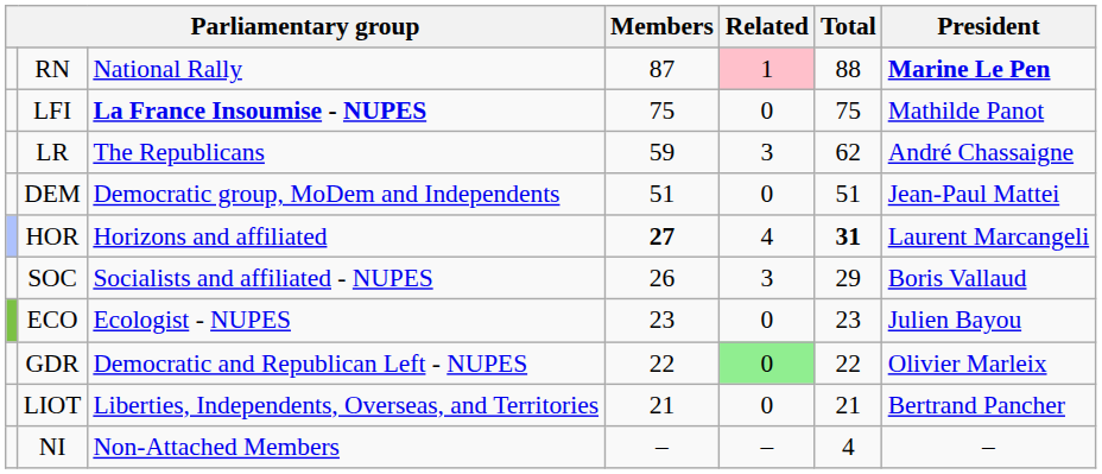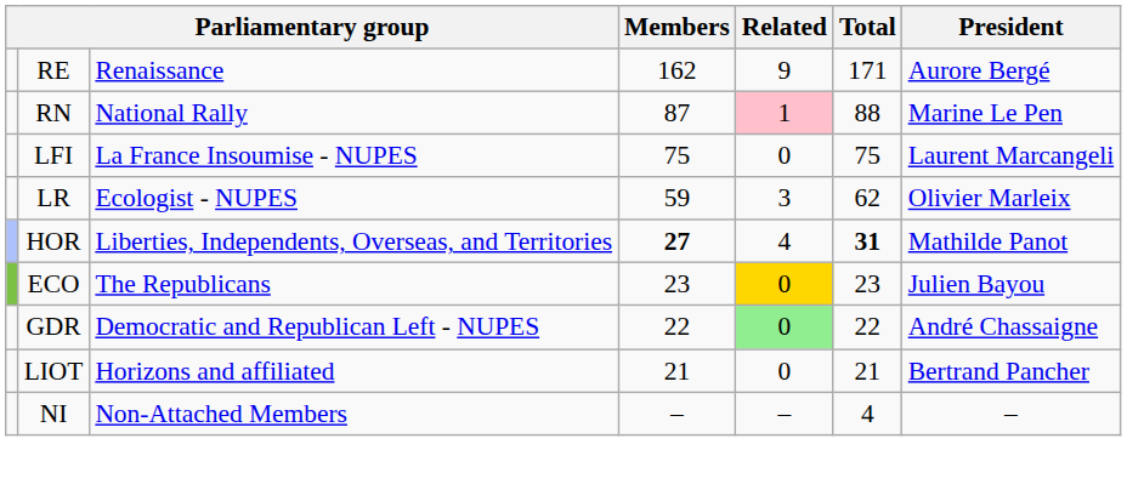 <table class="wikitable" style="font-size:95%;text-align:center;">
 <tr style="background-color:#E9E9E9;">
 <th colspan="3">Parliamentary group</th>
 <th>Members</th>
 <th>Related</th>
 <th>Total</th>
 <th>President</th>
 </tr>
 <tr>
 <td style="background:"></td>
+<td>RE</td>
+<td style="text-align:left;"><a href='#'>Renaissance</a></td>
+<td>162</td>
+<td>9</td>
+<td>171</td>
+<td style="text-align:left;"><a href='#'>Aurore Bergé</a></td>
+</tr>
+<tr>
+<td style="background:"></td>
 <td>RN</td>
 <td style="text-align:left;"><a href='#'>National Rally</a></td>
 <td>87</td>
 <td style="background: pink;">1</td>
 <td>88</td>
-<td style="text-align:left;"><strong><a href='#'>Marine Le Pen</a></strong></td>
+<td style="text-align:left;"><a href='#'>Marine Le Pen</a></td>
 </tr>
 <tr>
 <td style="background:"></td>
 <td>LFI</td>
-<td style="text-align:left;"><strong><a href='#'>La France Insoumise</a> - <a href='#'>NUPES</a></strong></td>
+<td style="text-align:left;"><a href='#'>La France Insoumise</a> - <a href='#'>NUPES</a></td>
 <td>75</td>
 <td>0</td>
 <td>75</td>
-<td style="text-align:left;"><a href='#'>Mathilde Panot</a></td>
+<td style="text-align:left;"><a href='#'>Laurent Marcangeli</a></td>
 </tr>
 <tr>
 <td style="background:"></td>
 <td>LR</td>
-<td style="text-align:left;"><a href='#'>The Republicans</a></td>
+<td style="text-align:left;"><a href='#'>Ecologist</a> - <a href='#'>NUPES</a></td>
 <td>59</td>
 <td>3</td>
 <td>62</td>
-<td style="text-align:left;"><a href='#'>André Chassaigne</a></td>
-</tr>
-<tr>
-<td style="background:"></td>
-<td>DEM</td>
-<td style="text-align:left;"><a href='#'>Democratic group, MoDem and Independents</a></td>
-<td>51</td>
-<td>0</td>
-<td>51</td>
-<td style="text-align:left;"><a href='#'>Jean-Paul Mattei</a></td>
+<td style="text-align:left;"><a href='#'>Olivier Marleix</a></td>
 </tr>
 <tr>
 <td style="background-color:#ADC1FD;"></td>
 <td>HOR</td>
-<td style="text-align:left;"><a href='#'>Horizons and affiliated</a></td>
+<td style="text-align:left;"><a href='#'>Liberties, Independents, Overseas, and Territories</a></td>
 <td><strong>27</strong></td>
 <td>4</td>
 <td><strong>31</strong></td>
-<td style="text-align:left;"><a href='#'>Laurent Marcangeli</a></td>
-</tr>
-<tr>
-<td style="background:"></td>
-<td>SOC</td>
-<td style="text-align:left;"><a href='#'>Socialists and affiliated</a> - <a href='#'>NUPES</a></td>
-<td>26</td>
-<td>3</td>
-<td>29</td>
-<td style="text-align:left;"><a href='#'>Boris Vallaud</a></td>
+<td style="text-align:left;"><a href='#'>Mathilde Panot</a></td>
 </tr>
 <tr>
 <td style="background:#7BC144;"></td>
 <td>ECO</td>
-<td style="text-align:left;"><a href='#'>Ecologist</a> - <a href='#'>NUPES</a></td>
+<td style="text-align:left;"><a href='#'>The Republicans</a></td>
 <td>23</td>
-<td>0</td>
+<td style="background: gold;">0</td>
 <td>23</td>
 <td style="text-align:left;"><a href='#'>Julien Bayou</a></td>
 </tr>
 <tr>
 <td style="background:"></td>
 <td>GDR</td>
 <td style="text-align:left;"><a href='#'>Democratic and Republican Left</a> - <a href='#'>NUPES</a></td>
 <td>22</td>
 <td style="background: lightgreen;">0</td>
 <td>22</td>
-<td style="text-align:left;"><a href='#'>Olivier Marleix</a></td>
+<td style="text-align:left;"><a href='#'>André Chassaigne</a></td>
 </tr>
 <tr>
 <td style="background:"></td>
 <td>LIOT</td>
-<td style="text-align:left;"><a href='#'>Liberties, Independents, Overseas, and Territories</a></td>
+<td style="text-align:left;"><a href='#'>Horizons and affiliated</a></td>
 <td>21</td>
 <td>0</td>
 <td>21</td>
 <td style="text-align:left;"><a href='#'>Bertrand Pancher</a></td>
 </tr>
 <tr>
 <td style="background:"></td>
 <td>NI</td>
 <td style="text-align:left;"><a href='#'>Non-Attached Members</a></td>
 <td>–</td>
 <td>–</td>
 <td>4</td>
 <td>–</td>
 </tr>
 </table>
